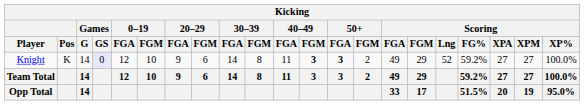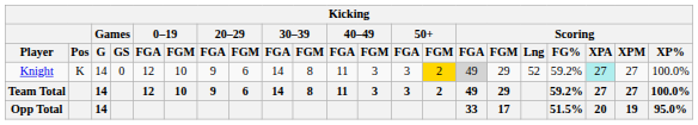 <table class="wikitable" style="text-align:center">
 <tr>
 <th colspan="21">Kicking</th>
 </tr>
 <tr>
 <th colspan="2"></th>
 <th colspan="2">Games</th>
 <th colspan="2">0–19</th>
 <th colspan="2">20–29</th>
 <th colspan="2">30–39</th>
 <th colspan="2">40–49</th>
 <th colspan="2">50+</th>
 <th colspan="7">Scoring</th>
 </tr>
 <tr>
 <th>Player</th>
 <th>Pos</th>
 <th>G</th>
 <th>GS</th>
 <th>FGA</th>
 <th>FGM</th>
 <th>FGA</th>
 <th>FGM</th>
 <th>FGA</th>
 <th>FGM</th>
 <th>FGA</th>
 <th>FGM</th>
 <th>FGA</th>
 <th>FGM</th>
 <th>FGA</th>
 <th>FGM</th>
 <th>Lng</th>
 <th>FG%</th>
 <th>XPA</th>
 <th>XPM</th>
 <th>XP%</th>
 </tr>
 <tr>
 <td><a href='#'>Knight</a></td>
 <td>K</td>
 <td>14</td>
-<td style="background: lavender;">0</td>
+<td>0</td>
 <td>12</td>
 <td>10</td>
 <td>9</td>
 <td>6</td>
 <td>14</td>
 <td>8</td>
 <td>11</td>
-<td><strong>3</strong></td>
-<td><strong>3</strong></td>
-<td>2</td>
-<td>49</td>
+<td>3</td>
+<td>3</td>
+<td style="background: gold;">2</td>
+<td style="background: lightgrey;">49</td>
 <td>29</td>
 <td>52</td>
 <td>59.2%</td>
-<td>27</td>
+<td style="background: paleturquoise;">27</td>
 <td>27</td>
 <td>100.0%</td>
 </tr>
 <tr>
 <th>Team Total</th>
 <th></th>
 <th>14</th>
 <th></th>
 <th>12</th>
 <th>10</th>
 <th>9</th>
 <th>6</th>
 <th>14</th>
 <th>8</th>
 <th>11</th>
 <th>3</th>
 <th>3</th>
 <th>2</th>
 <th>49</th>
 <th>29</th>
 <th></th>
 <th>59.2%</th>
 <th>27</th>
 <th>27</th>
 <th>100.0%</th>
 </tr>
 <tr>
 <th>Opp Total</th>
 <th></th>
 <th>14</th>
 <th></th>
 <th></th>
 <th></th>
 <th></th>
 <th></th>
 <th></th>
 <th></th>
 <th></th>
 <th></th>
 <th></th>
 <th></th>
 <th>33</th>
 <th>17</th>
 <th></th>
 <th>51.5%</th>
 <th>20</th>
 <th>19</th>
 <th>95.0%</th>
 </tr>
 </table>
